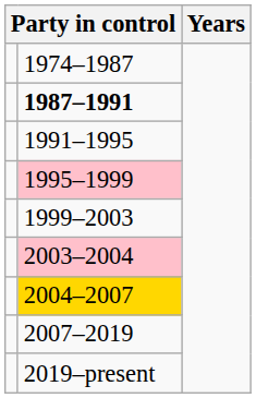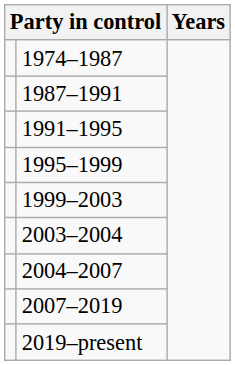 <table class="wikitable">
 <tr>
 <th colspan=2>Party in control</th>
 <th>Years</th>
 </tr>
 <tr>
 <td></td>
 <td>1974–1987</td>
 </tr>
 <tr>
 <td></td>
-<td><strong>1987–1991</strong></td>
+<td>1987–1991</td>
 </tr>
 <tr>
 <td></td>
 <td>1991–1995</td>
 </tr>
 <tr>
 <td></td>
-<td style="background: pink;">1995–1999</td>
+<td>1995–1999</td>
 </tr>
 <tr>
 <td></td>
 <td>1999–2003</td>
 </tr>
 <tr>
 <td></td>
-<td style="background: pink;">2003–2004</td>
+<td>2003–2004</td>
 </tr>
 <tr>
 <td></td>
-<td style="background: gold;">2004–2007</td>
+<td>2004–2007</td>
 </tr>
 <tr>
 <td></td>
 <td>2007–2019</td>
 </tr>
 <tr>
 <td></td>
 <td>2019–present</td>
 </tr>
 </table>
